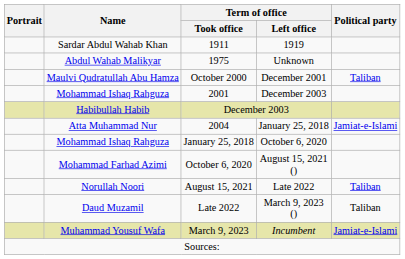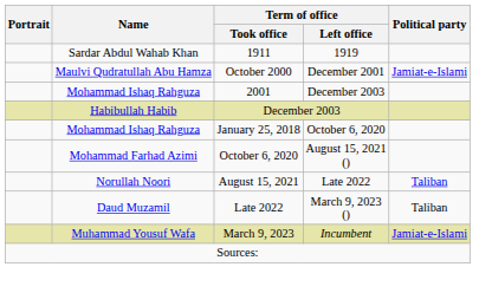 <table class="wikitable" style="text-align:center">
 <tr>
 <th rowspan="2">Portrait</th>
 <th rowspan="2">Name<br></th>
 <th colspan="2">Term of office</th>
 <th rowspan="2">Political party</th>
 </tr>
 <tr>
 <th>Took office</th>
 <th>Left office</th>
 </tr>
 <tr>
 <td></td>
 <td>Sardar Abdul Wahab Khan<br></td>
 <td>1911</td>
 <td>1919</td>
 <td></td>
 </tr>
 <tr>
 <td></td>
-<td><a href='#'>Abdul Wahab Malikyar</a></td>
-<td>1975</td>
-<td>Unknown</td>
-<td></td>
-</tr>
-<tr>
-<td></td>
 <td><a href='#'>Maulvi Qudratullah Abu Hamza</a></td>
 <td>October 2000</td>
 <td>December 2001</td>
-<td><a href='#'>Taliban</a></td>
+<td><a href='#'>Jamiat-e-Islami</a></td>
 </tr>
 <tr>
 <td></td>
 <td><a href='#'>Mohammad Ishaq Rahguza</a></td>
 <td>2001</td>
 <td>December 2003</td>
 <td></td>
 </tr>
 <tr style="background:#e6e6aa;">
 <td></td>
 <td><a href='#'>Habibullah Habib</a></td>
 <td colspan="2">December 2003</td>
 <td></td>
-</tr>
-<tr>
-<td></td>
-<td><a href='#'>Atta Muhammad Nur</a><br></td>
-<td>2004</td>
-<td>January 25, 2018</td>
-<td><a href='#'>Jamiat-e-Islami</a></td>
 </tr>
 <tr>
 <td></td>
 <td><a href='#'>Mohammad Ishaq Rahguza</a></td>
 <td>January 25, 2018</td>
 <td>October 6, 2020</td>
 <td></td>
 </tr>
 <tr>
 <td></td>
 <td><a href='#'>Mohammad Farhad Azimi</a><br></td>
 <td>October 6, 2020</td>
 <td>August 15, 2021<br>()</td>
 </tr>
 <tr>
 <td></td>
 <td><a href='#'>Norullah Noori</a><br></td>
 <td>August 15, 2021</td>
 <td>Late 2022</td>
 <td><a href='#'>Taliban</a></td>
 </tr>
 <tr>
 <td></td>
 <td><a href='#'>Daud Muzamil</a></td>
 <td>Late 2022</td>
 <td>March 9, 2023<br>()</td>
 <td>Taliban</td>
 </tr>
 <tr style="background:#e6e6aa;">
 <td></td>
 <td><a href='#'>Muhammad Yousuf Wafa</a></td>
 <td>March 9, 2023</td>
 <td><em>Incumbent</em></td>
 <td><a href='#'>Jamiat-e-Islami</a></td>
 </tr>
 <tr>
 <td colspan="5">Sources:<br>     </td>
 </tr>
 </table>
